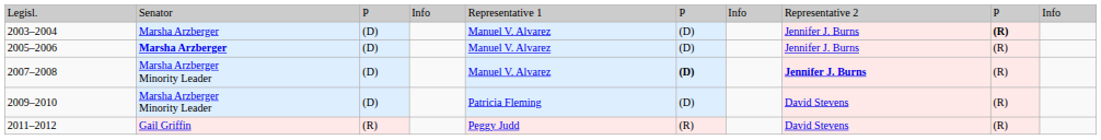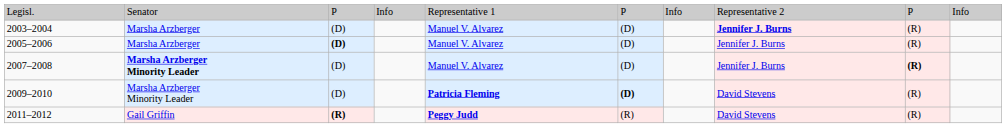 <table class=wikitable width="100%" border="1">
 <tr style="background-color:#cccccc;">
 <td>Legisl.</td>
 <td>Senator</td>
 <td>P</td>
 <td>Info</td>
 <td>Representative 1</td>
 <td>P</td>
 <td>Info</td>
 <td>Representative 2</td>
 <td>P</td>
 <td>Info</td>
 </tr>
 <tr>
 <td>2003–2004</td>
 <td style="background:#DDEEFF"><a href='#'>Marsha Arzberger</a></td>
 <td style="background:#DDEEFF">(D)</td>
 <td></td>
 <td style="background:#DDEEFF"><a href='#'>Manuel V. Alvarez</a></td>
 <td style="background:#DDEEFF">(D)</td>
 <td></td>
-<td style="background:#FFE8E8"><a href='#'>Jennifer J. Burns</a></td>
-<td style="background:#FFE8E8"><strong>(R)</strong></td>
+<td style="background:#FFE8E8"><strong><a href='#'>Jennifer J. Burns</a></strong></td>
+<td style="background:#FFE8E8">(R)</td>
 <td></td>
 </tr>
 <tr>
 <td>2005–2006</td>
-<td style="background:#DDEEFF"><strong><a href='#'>Marsha Arzberger</a></strong></td>
-<td style="background:#DDEEFF">(D)</td>
+<td style="background:#DDEEFF"><a href='#'>Marsha Arzberger</a></td>
+<td style="background:#DDEEFF"><strong>(D)</strong></td>
 <td></td>
 <td style="background:#DDEEFF"><a href='#'>Manuel V. Alvarez</a></td>
 <td style="background:#DDEEFF">(D)</td>
 <td></td>
 <td style="background:#FFE8E8"><a href='#'>Jennifer J. Burns</a></td>
 <td style="background:#FFE8E8">(R)</td>
 <td></td>
 </tr>
 <tr>
 <td>2007–2008</td>
-<td style="background:#DDEEFF"><a href='#'>Marsha Arzberger</a> <br> Minority Leader</td>
+<td style="background:#DDEEFF"><strong><a href='#'>Marsha Arzberger</a> <br> Minority Leader</strong></td>
 <td style="background:#DDEEFF">(D)</td>
 <td></td>
 <td style="background:#DDEEFF"><a href='#'>Manuel V. Alvarez</a></td>
-<td style="background:#DDEEFF"><strong>(D)</strong></td>
+<td style="background:#DDEEFF">(D)</td>
 <td></td>
-<td style="background:#FFE8E8"><strong><a href='#'>Jennifer J. Burns</a></strong></td>
-<td style="background:#FFE8E8">(R)</td>
+<td style="background:#FFE8E8"><a href='#'>Jennifer J. Burns</a></td>
+<td style="background:#FFE8E8"><strong>(R)</strong></td>
 <td></td>
 </tr>
 <tr>
 <td>2009–2010</td>
 <td style="background:#DDEEFF"><a href='#'>Marsha Arzberger</a> <br> Minority Leader</td>
 <td style="background:#DDEEFF">(D)</td>
 <td></td>
-<td style="background:#DDEEFF"><a href='#'>Patricia Fleming</a></td>
-<td style="background:#DDEEFF">(D)</td>
+<td style="background:#DDEEFF"><strong><a href='#'>Patricia Fleming</a></strong></td>
+<td style="background:#DDEEFF"><strong>(D)</strong></td>
 <td></td>
 <td style="background:#FFE8E8"><a href='#'>David Stevens</a></td>
 <td style="background:#FFE8E8">(R)</td>
 <td></td>
 </tr>
 <tr>
 <td>2011–2012</td>
 <td style="background:#FFE8E8"><a href='#'>Gail Griffin</a></td>
-<td style="background:#FFE8E8">(R)</td>
+<td style="background:#FFE8E8"><strong>(R)</strong></td>
 <td></td>
-<td style="background:#FFE8E8"><a href='#'>Peggy Judd</a></td>
+<td style="background:#FFE8E8"><strong><a href='#'>Peggy Judd</a></strong></td>
 <td style="background:#FFE8E8">(R)</td>
 <td></td>
 <td style="background:#FFE8E8"><a href='#'>David Stevens</a></td>
 <td style="background:#FFE8E8">(R)</td>
 <td></td>
 </tr>
 </table>
